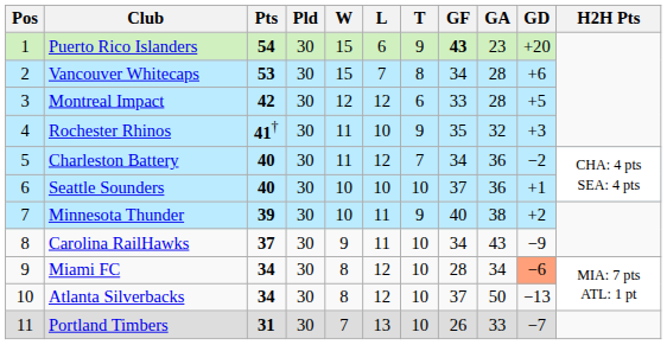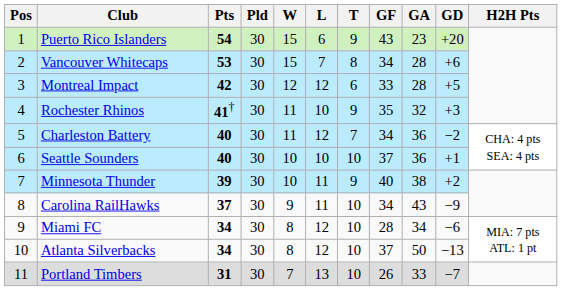 <table class="wikitable" style="text-align:center">
 <tr>
 <th width=30>Pos</th>
 <th width=200>Club</th>
 <th width=30>Pts</th>
 <th width=30>Pld</th>
 <th width=30>W</th>
 <th width=30>L</th>
 <th width=30>T</th>
 <th width=30>GF</th>
 <th width=30>GA</th>
 <th width=30>GD</th>
 <th width=100>H2H Pts</th>
 </tr>
 <tr bgcolor=#D0F0C0>
 <td>1</td>
 <td align="left"><a href='#'>Puerto Rico Islanders</a></td>
 <td><strong>54</strong></td>
 <td>30</td>
 <td>15</td>
 <td>6</td>
 <td>9</td>
-<td><strong>43</strong></td>
+<td>43</td>
 <td>23</td>
 <td>+20</td>
 </tr>
 <tr bgcolor=#BBEBFF>
 <td>2</td>
 <td align="left"><a href='#'>Vancouver Whitecaps</a></td>
 <td><strong>53</strong></td>
 <td>30</td>
 <td>15</td>
 <td>7</td>
 <td>8</td>
 <td>34</td>
 <td>28</td>
 <td>+6</td>
 </tr>
 <tr bgcolor=#BBEBFF>
 <td>3</td>
 <td align="left"><a href='#'>Montreal Impact</a></td>
 <td><strong>42</strong></td>
 <td>30</td>
 <td>12</td>
 <td>12</td>
 <td>6</td>
 <td>33</td>
 <td>28</td>
 <td>+5</td>
 </tr>
 <tr bgcolor=#BBEBFF>
 <td>4</td>
 <td align="left"><a href='#'>Rochester Rhinos</a></td>
 <td><strong>41</strong><sup>†</sup></td>
 <td>30</td>
 <td>11</td>
 <td>10</td>
 <td>9</td>
 <td>35</td>
 <td>32</td>
 <td>+3</td>
 </tr>
 <tr bgcolor=#BBEBFF>
 <td>5</td>
 <td align="left"><a href='#'>Charleston Battery</a></td>
 <td><strong>40</strong></td>
 <td>30</td>
 <td>11</td>
 <td>12</td>
 <td>7</td>
 <td>34</td>
 <td>36</td>
 <td>−2</td>
 <td rowspan="2" bgcolor="FFFFFF"><small>CHA: 4 pts<br>SEA: 4 pts</small></td>
 </tr>
 <tr bgcolor=#BBEBFF>
 <td>6</td>
 <td align="left"><a href='#'>Seattle Sounders</a></td>
 <td><strong>40</strong></td>
 <td>30</td>
 <td>10</td>
 <td>10</td>
 <td>10</td>
 <td>37</td>
 <td>36</td>
 <td>+1</td>
 </tr>
 <tr bgcolor=#BBEBFF>
 <td>7</td>
 <td align="left"><a href='#'>Minnesota Thunder</a></td>
 <td><strong>39</strong></td>
 <td>30</td>
 <td>10</td>
 <td>11</td>
 <td>9</td>
 <td>40</td>
 <td>38</td>
 <td>+2</td>
 </tr>
 <tr>
 <td>8</td>
 <td align="left"><a href='#'>Carolina RailHawks</a></td>
 <td><strong>37</strong></td>
 <td>30</td>
 <td>9</td>
 <td>11</td>
 <td>10</td>
 <td>34</td>
 <td>43</td>
 <td>−9</td>
 </tr>
 <tr>
 <td>9</td>
 <td align="left"><a href='#'>Miami FC</a></td>
 <td><strong>34</strong></td>
 <td>30</td>
 <td>8</td>
 <td>12</td>
 <td>10</td>
 <td>28</td>
 <td>34</td>
-<td style="background: lightsalmon;">−6</td>
+<td>−6</td>
 <td rowspan="2" bgcolor="FFFFFF"><small>MIA: 7 pts<br>ATL: 1 pt</small></td>
 </tr>
 <tr>
 <td>10</td>
 <td align="left"><a href='#'>Atlanta Silverbacks</a></td>
 <td><strong>34</strong></td>
 <td>30</td>
 <td>8</td>
 <td>12</td>
 <td>10</td>
 <td>37</td>
 <td>50</td>
 <td>−13</td>
 </tr>
 <tr bgcolor=#DDDDDD>
 <td>11</td>
 <td align="left"><a href='#'>Portland Timbers</a></td>
 <td><strong>31</strong></td>
 <td>30</td>
 <td>7</td>
 <td>13</td>
 <td>10</td>
 <td>26</td>
 <td>33</td>
 <td>−7</td>
 </tr>
 </table>
